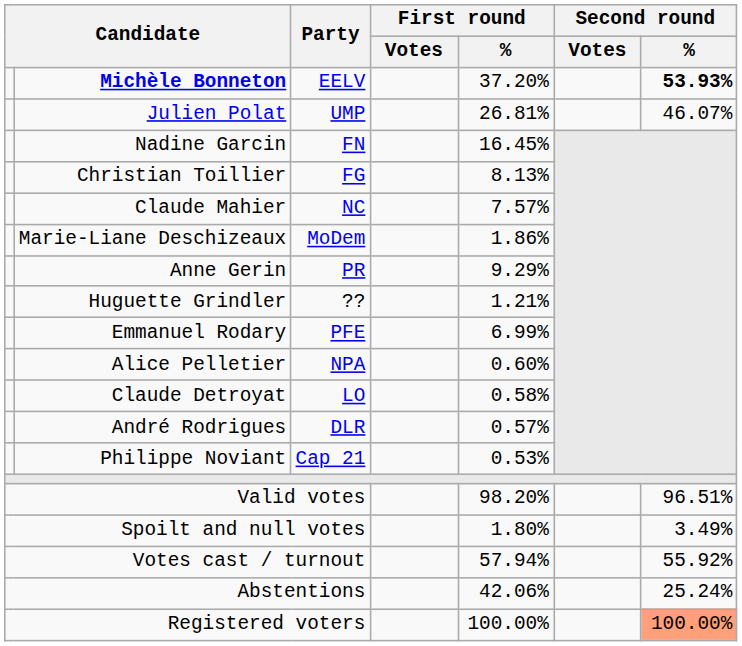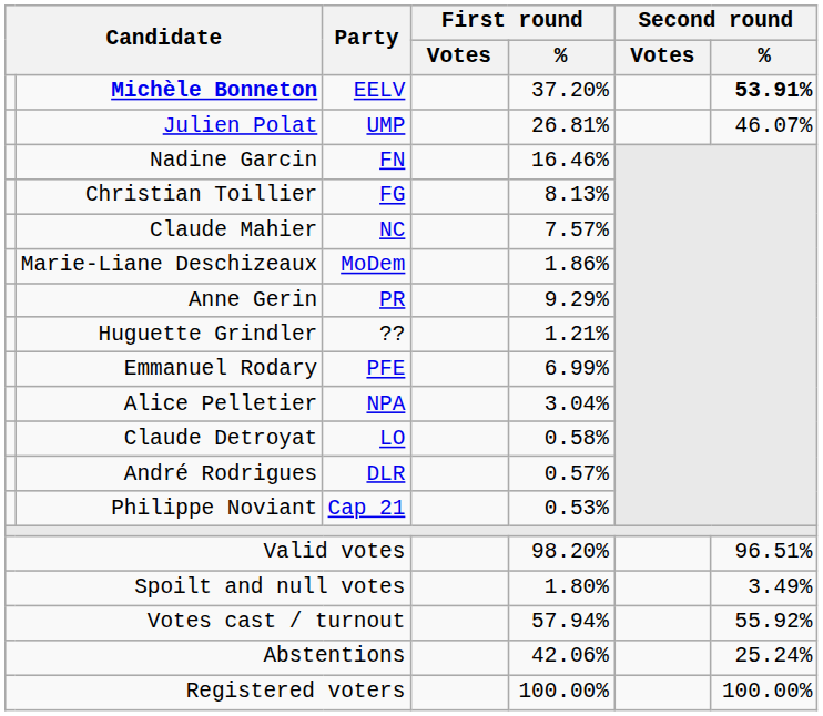 <table class="wikitable" style="text-align:right;font-size:95%;">
 <tr>
 <th rowspan=2 colspan=2>Candidate</th>
 <th rowspan=2 colspan=1>Party</th>
 <th colspan=2>First round</th>
 <th colspan=2>Second round</th>
 </tr>
 <tr>
 <th style="width:50px;">Votes</th>
 <th style="width:55px;">%</th>
 <th style="width:50px;">Votes</th>
 <th style="width:55px;">%</th>
 </tr>
 <tr>
 <td style="color:inherit;background-color:"></td>
 <td><strong><a href='#'>Michèle Bonneton</a></strong></td>
 <td><a href='#'>EELV</a></td>
 <td></td>
 <td>37.20%</td>
 <td><strong></strong></td>
-<td><strong>53.93%</strong></td>
+<td><strong>53.91%</strong></td>
 </tr>
 <tr>
 <td style="color:inherit;background-color:"></td>
 <td><a href='#'>Julien Polat</a></td>
 <td><a href='#'>UMP</a></td>
 <td></td>
 <td>26.81%</td>
 <td></td>
 <td>46.07%</td>
 </tr>
 <tr>
 <td style="color:inherit;background-color:"></td>
 <td>Nadine Garcin</td>
 <td><a href='#'>FN</a></td>
 <td></td>
-<td>16.45%</td>
+<td>16.46%</td>
 <td colspan=7 rowspan=11 style="background-color:#E9E9E9;"></td>
 </tr>
 <tr>
 <td style="color:inherit;background-color:"></td>
 <td>Christian Toillier</td>
 <td><a href='#'>FG</a></td>
 <td></td>
 <td>8.13%</td>
 </tr>
 <tr>
 <td style="color:inherit;background-color:"></td>
 <td>Claude Mahier</td>
 <td><a href='#'>NC</a></td>
 <td></td>
 <td>7.57%</td>
 </tr>
 <tr>
 <td style="color:inherit;background-color:"></td>
 <td>Marie-Liane Deschizeaux</td>
 <td><a href='#'>MoDem</a></td>
 <td></td>
 <td>1.86%</td>
 </tr>
 <tr>
 <td style="color:inherit;background-color:"></td>
 <td>Anne Gerin</td>
 <td><a href='#'>PR</a></td>
 <td></td>
 <td>9.29%</td>
 </tr>
 <tr>
 <td style="background-color:;"></td>
 <td>Huguette Grindler</td>
 <td>??</td>
 <td></td>
 <td>1.21%</td>
 </tr>
 <tr>
 <td style="color:inherit;background-color:"></td>
 <td>Emmanuel Rodary</td>
 <td><a href='#'>PFE</a></td>
 <td></td>
 <td>6.99%</td>
 </tr>
 <tr>
 <td style="color:inherit;background-color:"></td>
 <td>Alice Pelletier</td>
 <td><a href='#'>NPA</a></td>
 <td></td>
-<td>0.60%</td>
+<td>3.04%</td>
 </tr>
 <tr>
 <td style="color:inherit;background-color:"></td>
 <td>Claude Detroyat</td>
 <td><a href='#'>LO</a></td>
 <td></td>
 <td>0.58%</td>
 </tr>
 <tr>
 <td style="color:inherit;background-color:"></td>
 <td>André Rodrigues</td>
 <td><a href='#'>DLR</a></td>
 <td></td>
 <td>0.57%</td>
 </tr>
 <tr>
 <td style="color:inherit;background-color:"></td>
 <td>Philippe Noviant</td>
 <td><a href='#'>Cap 21</a></td>
 <td></td>
 <td>0.53%</td>
 </tr>
 <tr>
 <td colspan=7 style="background-color:#E9E9E9;"></td>
 </tr>
 <tr>
 <td colspan=3>Valid votes</td>
 <td></td>
 <td>98.20%</td>
 <td></td>
 <td>96.51%</td>
 </tr>
 <tr>
 <td colspan=3>Spoilt and null votes</td>
 <td></td>
 <td>1.80%</td>
 <td></td>
 <td>3.49%</td>
 </tr>
 <tr>
 <td colspan=3>Votes cast / turnout</td>
 <td></td>
 <td>57.94%</td>
 <td></td>
 <td>55.92%</td>
 </tr>
 <tr>
 <td colspan=3>Abstentions</td>
 <td></td>
 <td>42.06%</td>
 <td></td>
 <td>25.24%</td>
 </tr>
 <tr>
 <td colspan=3>Registered voters</td>
 <td></td>
 <td>100.00%</td>
 <td></td>
-<td style="background: lightsalmon;">100.00%</td>
+<td>100.00%</td>
 </tr>
 </table>
